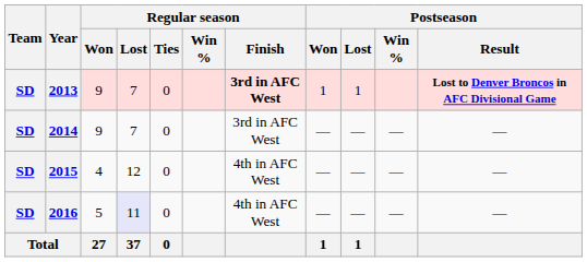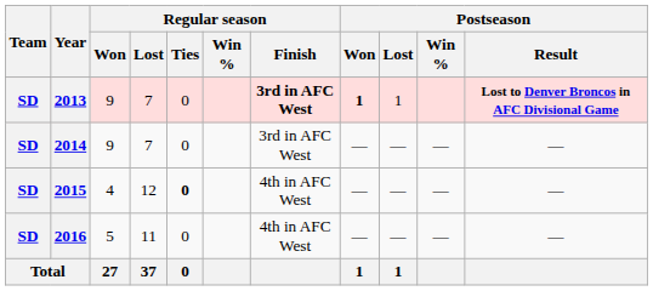 <table class="wikitable" style="font-size: 95%; text-align:center">
 <tr>
 <th rowspan="2">Team</th>
 <th rowspan="2">Year</th>
 <th colspan="5">Regular season</th>
 <th colspan="4">Postseason</th>
 </tr>
 <tr>
 <th>Won</th>
 <th>Lost</th>
 <th>Ties</th>
 <th>Win %</th>
 <th>Finish</th>
 <th>Won</th>
 <th>Lost</th>
 <th>Win %</th>
 <th>Result</th>
 </tr>
 <tr style="background:#fdd">
 <th><a href='#'>SD</a></th>
 <th><a href='#'>2013</a></th>
 <td>9</td>
 <td>7</td>
 <td>0</td>
 <td></td>
 <td><strong>3rd in AFC West</strong></td>
-<td>1</td>
+<td><strong>1</strong></td>
 <td>1</td>
 <td></td>
 <td><small><strong>Lost to <a href='#'>Denver Broncos</a> in <a href='#'>AFC Divisional Game</a></strong></small></td>
 </tr>
 <tr>
 <th><a href='#'>SD</a></th>
 <th><a href='#'>2014</a></th>
 <td>9</td>
 <td>7</td>
 <td>0</td>
 <td></td>
 <td>3rd in AFC West</td>
 <td>—</td>
 <td>—</td>
 <td>—</td>
 <td>—</td>
 </tr>
 <tr>
 <th><a href='#'>SD</a></th>
 <th><a href='#'>2015</a></th>
 <td>4</td>
 <td>12</td>
-<td>0</td>
+<td><strong>0</strong></td>
 <td></td>
 <td>4th in AFC West</td>
 <td>—</td>
 <td>—</td>
 <td>—</td>
 <td>—</td>
 </tr>
 <tr>
 <th><a href='#'>SD</a></th>
 <th><a href='#'>2016</a></th>
 <td>5</td>
-<td style="background: lavender;">11</td>
+<td>11</td>
 <td>0</td>
 <td></td>
 <td>4th in AFC West</td>
 <td>—</td>
 <td>—</td>
 <td>—</td>
 <td>—</td>
 </tr>
 <tr>
 <th colspan="2">Total</th>
 <th>27</th>
 <th>37</th>
 <th>0</th>
 <th></th>
 <th></th>
 <th>1</th>
 <th>1</th>
 <th></th>
 <th></th>
 </tr>
 </table>
